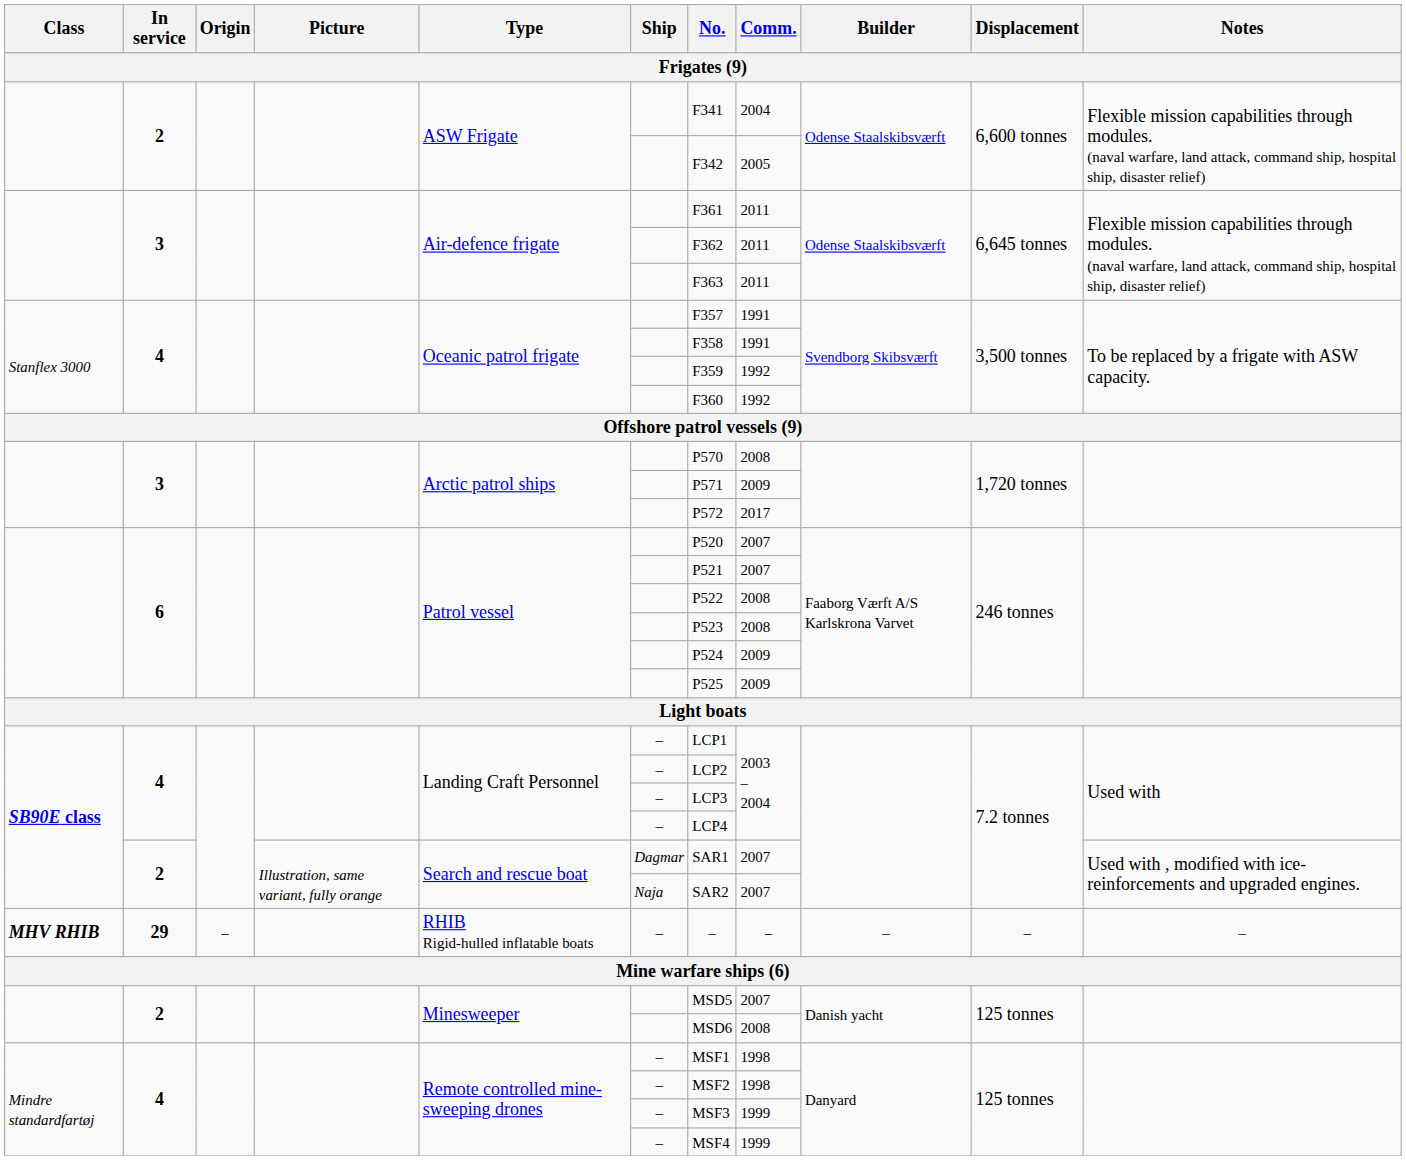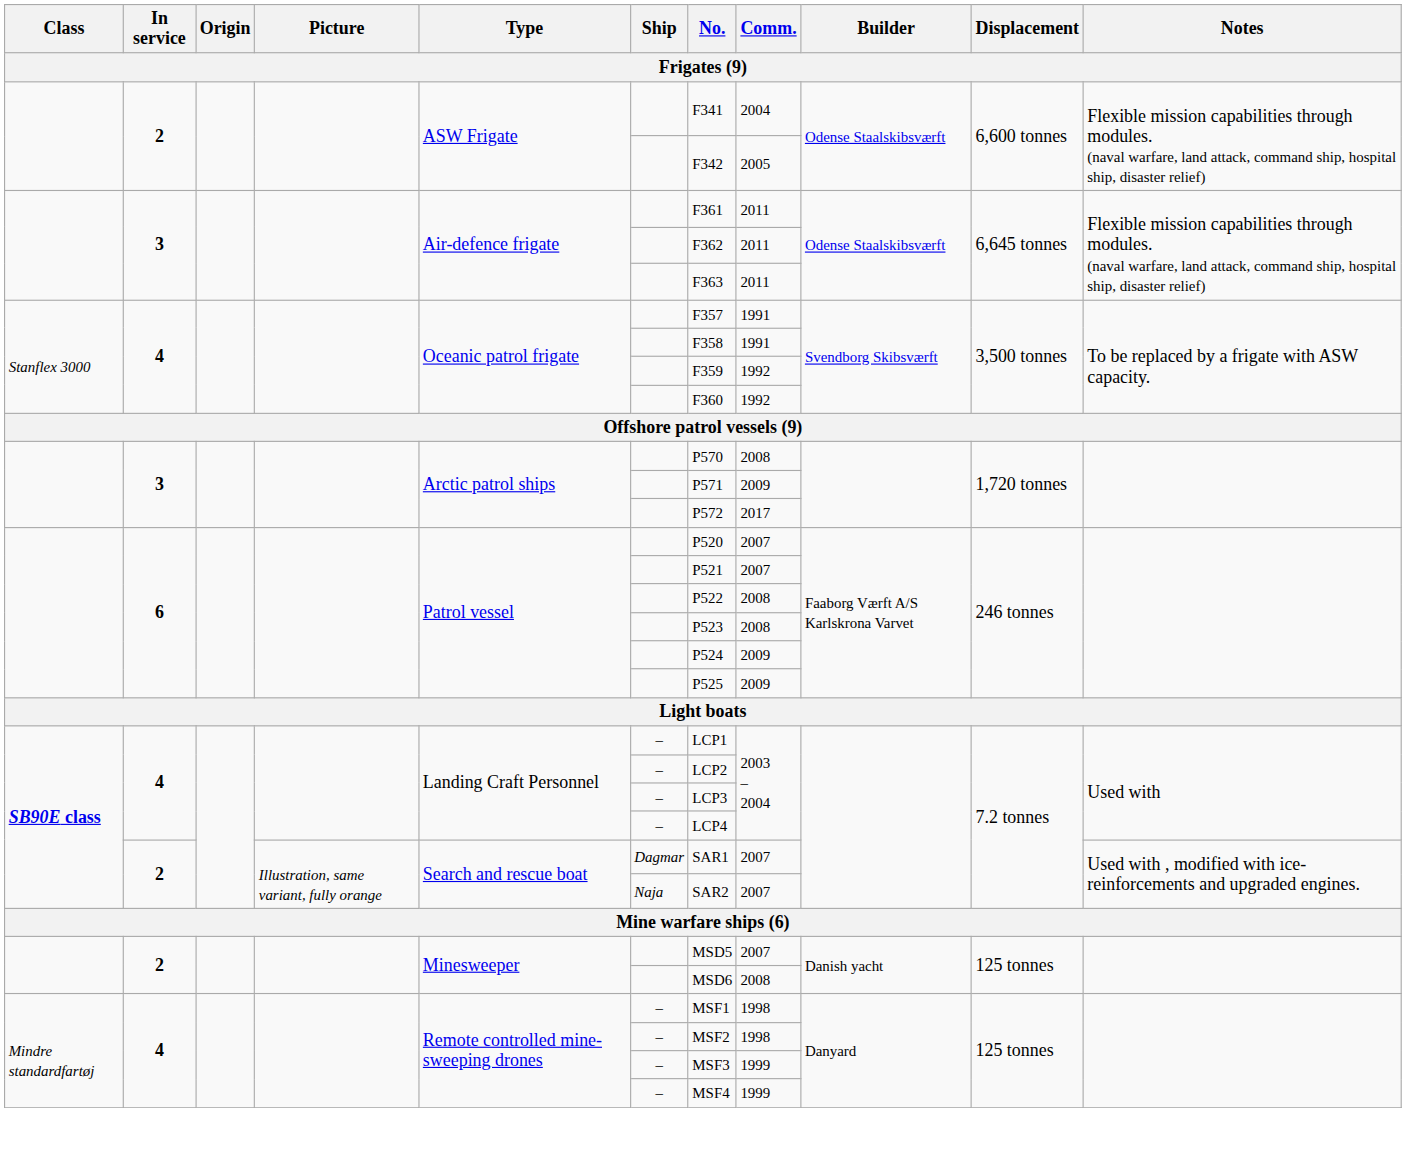 <table class="wikitable">
 <tr>
 <th>Class</th>
 <th>In service</th>
 <th>Origin</th>
 <th>Picture</th>
 <th>Type</th>
 <th>Ship</th>
 <th><a href='#'>No.</a></th>
 <th><a href='#'>Comm.</a></th>
 <th>Builder</th>
 <th>Displacement</th>
 <th>Notes</th>
 </tr>
 <tr>
 <th colspan="11">Frigates (9)</th>
 </tr>
 <tr>
 <td rowspan="2"><strong></strong></td>
 <td rowspan="2" style="text-align: center;"><strong>2</strong></td>
 <td rowspan="2"></td>
 <td rowspan="2"></td>
 <td rowspan="2"><a href='#'>ASW Frigate</a></td>
 <td><small></small></td>
 <td><small>F341</small></td>
 <td><small>2004</small></td>
 <td rowspan="2"><a href='#'><small>Odense Staalskibsværft</small></a></td>
 <td rowspan="2">6,600 tonnes</td>
 <td rowspan="2"><br>Flexible mission capabilities through modules.<br><small>(naval warfare, land attack, command ship, hospital ship, disaster relief)</small></td>
 </tr>
 <tr>
 <td><small></small></td>
 <td><small>F342</small></td>
 <td><small>2005</small></td>
 </tr>
 <tr>
 <td rowspan="3"><strong></strong></td>
 <td rowspan="3" style="text-align: center;"><strong>3</strong></td>
 <td rowspan="3"></td>
 <td rowspan="3"></td>
 <td rowspan="3"><a href='#'>Air-defence frigate</a></td>
 <td><small></small></td>
 <td><small>F361</small></td>
 <td><small>2011</small></td>
 <td rowspan="3"><a href='#'><small>Odense Staalskibsværft</small></a></td>
 <td rowspan="3">6,645 tonnes</td>
 <td rowspan="3"><br>Flexible mission capabilities through modules.<br><small>(naval warfare, land attack, command ship, hospital ship, disaster relief)</small></td>
 </tr>
 <tr>
 <td><small></small></td>
 <td><small>F362</small></td>
 <td><small>2011</small></td>
 </tr>
 <tr>
 <td><small></small></td>
 <td><small>F363</small></td>
 <td><small>2011</small></td>
 </tr>
 <tr>
 <td rowspan="4"><strong></strong><br><em><small>Stanflex 3000</small></em></td>
 <td rowspan="4" style="text-align: center;"><strong>4</strong></td>
 <td rowspan="4"></td>
 <td rowspan="4"></td>
 <td rowspan="4"><a href='#'>Oceanic patrol frigate</a></td>
 <td><small></small></td>
 <td><small>F357</small></td>
 <td><small>1991</small></td>
 <td rowspan="4"><a href='#'><small>Svendborg Skibsværft</small></a></td>
 <td rowspan="4">3,500 tonnes</td>
 <td rowspan="4"><br>To be replaced by a frigate with ASW capacity.</td>
 </tr>
 <tr>
 <td><small></small></td>
 <td><small>F358</small></td>
 <td><small>1991</small></td>
 </tr>
 <tr>
 <td><small></small></td>
 <td><small>F359</small></td>
 <td><small>1992</small></td>
 </tr>
 <tr>
 <td><small></small></td>
 <td><small>F360</small></td>
 <td><small>1992</small></td>
 </tr>
 <tr>
 <th colspan="11">Offshore patrol vessels (9)</th>
 </tr>
 <tr>
 <td rowspan="3"><strong></strong></td>
 <td rowspan="3" style="text-align: center;"><strong>3</strong></td>
 <td rowspan="3"></td>
 <td rowspan="3"></td>
 <td rowspan="3"><a href='#'>Arctic patrol ships</a></td>
 <td><small></small></td>
 <td><small>P570</small></td>
 <td><small>2008</small></td>
 <td rowspan="3"><small></small></td>
 <td rowspan="3">1,720 tonnes</td>
 <td rowspan="3"></td>
 </tr>
 <tr>
 <td><small></small></td>
 <td><small>P571</small></td>
 <td><small>2009</small></td>
 </tr>
 <tr>
 <td><small></small></td>
 <td><small>P572</small></td>
 <td><small>2017</small></td>
 </tr>
 <tr>
 <td rowspan="6"><strong></strong></td>
 <td rowspan="6" style="text-align: center;"><strong>6</strong></td>
 <td rowspan="6"></td>
 <td rowspan="6"></td>
 <td rowspan="6"><a href='#'>Patrol vessel</a></td>
 <td><small></small></td>
 <td><small>P520</small></td>
 <td><small>2007</small></td>
 <td rowspan="6"><small>Faaborg Værft A/S Karlskrona Varvet</small></td>
 <td rowspan="6">246 tonnes</td>
 <td rowspan="6"></td>
 </tr>
 <tr>
 <td><small></small></td>
 <td><small>P521</small></td>
 <td><small>2007</small></td>
 </tr>
 <tr>
 <td><small></small></td>
 <td><small>P522</small></td>
 <td><small>2008</small></td>
 </tr>
 <tr>
 <td><small></small></td>
 <td><small>P523</small></td>
 <td><small>2008</small></td>
 </tr>
 <tr>
 <td><small></small></td>
 <td><small>P524</small></td>
 <td><small>2009</small></td>
 </tr>
 <tr>
 <td><small></small></td>
 <td><small>P525</small></td>
 <td><small>2009</small></td>
 </tr>
 <tr>
 <th colspan="11">Light boats</th>
 </tr>
 <tr>
 <td rowspan="6"><strong><a href='#'><em>SB90E</em> class</a></strong></td>
 <td rowspan="4" style="text-align: center;"><strong>4</strong></td>
 <td rowspan="6"></td>
 <td rowspan="4"></td>
 <td rowspan="4">Landing Craft Personnel</td>
 <td style="text-align: center;"><small>–</small></td>
 <td><small>LCP1</small></td>
 <td rowspan="4"><small>2003</small><br><small>–</small><br><small>2004</small></td>
 <td rowspan="6"><small></small></td>
 <td rowspan="6">7.2 tonnes</td>
 <td rowspan="4"><br>Used with </td>
 </tr>
 <tr>
 <td style="text-align: center;"><small>–</small></td>
 <td><small>LCP2</small></td>
 </tr>
 <tr>
 <td style="text-align: center;"><small>–</small></td>
 <td><small>LCP3</small></td>
 </tr>
 <tr>
 <td style="text-align: center;"><small>–</small></td>
 <td><small>LCP4</small></td>
 </tr>
 <tr>
 <td rowspan="2" style="text-align: center;"><strong>2</strong></td>
 <td rowspan="2"><br><small><em>Illustration, same variant, fully orange</em></small></td>
 <td rowspan="2"><a href='#'>Search and rescue boat</a></td>
 <td><small><em>Dagmar</em></small></td>
 <td><small>SAR1</small></td>
 <td><small>2007</small></td>
 <td rowspan="2">Used with , modified with ice-reinforcements and upgraded engines.</td>
 </tr>
 <tr>
 <td><em><small>Naja</small></em></td>
 <td><small>SAR2</small></td>
 <td><small>2007</small></td>
 </tr>
 <tr>
-<td><strong><em>MHV RHIB</em></strong></td>
-<td style="text-align: center;"><strong>29</strong></td>
-<td style="text-align: center;"><small>–</small></td>
-<td><br> </td>
-<td><a href='#'>RHIB</a><br><small>Rigid-hulled inflatable boats</small></td>
-<td style="text-align: center;"><small>–</small></td>
-<td style="text-align: center;"><small>–</small></td>
-<td style="text-align: center;"><small>–</small></td>
-<td style="text-align: center;"><small>–</small></td>
-<td style="text-align: center;"><small>–</small></td>
-<td style="text-align: center;"><small>–</small></td>
-</tr>
-<tr>
 <th colspan="11">Mine warfare ships (6)</th>
 </tr>
 <tr>
 <td rowspan="2"><strong></strong></td>
 <td rowspan="2" style="text-align: center;"><strong>2</strong></td>
 <td rowspan="2"></td>
 <td rowspan="2"></td>
 <td rowspan="2"><a href='#'>Minesweeper</a></td>
 <td><small></small></td>
 <td><small>MSD5</small></td>
 <td><small>2007</small></td>
 <td rowspan="2"><small>Danish yacht</small></td>
 <td rowspan="2">125 tonnes</td>
 <td rowspan="2"></td>
 </tr>
 <tr>
 <td><small></small></td>
 <td><small>MSD6</small></td>
 <td><small>2008</small></td>
 </tr>
 <tr>
 <td rowspan="4"><strong></strong><br><em><small>Mindre standardfartøj</small></em></td>
 <td rowspan="4" style="text-align: center;"><strong>4</strong></td>
 <td rowspan="4"></td>
 <td rowspan="4"></td>
 <td rowspan="4"><a href='#'>Remote controlled mine-sweeping drones</a></td>
 <td style="text-align: center;"><small>–</small></td>
 <td><small>MSF1</small></td>
 <td><small>1998</small></td>
 <td rowspan="4"><small>Danyard</small></td>
 <td rowspan="4">125 tonnes</td>
 <td rowspan="4"></td>
 </tr>
 <tr>
 <td style="text-align: center;"><small>–</small></td>
 <td><small>MSF2</small></td>
 <td><small>1998</small></td>
 </tr>
 <tr>
 <td style="text-align: center;"><small>–</small></td>
 <td><small>MSF3</small></td>
 <td><small>1999</small></td>
 </tr>
 <tr>
 <td style="text-align: center;"><small>–</small></td>
 <td><small>MSF4</small></td>
 <td><small>1999</small></td>
 </tr>
 </table>
